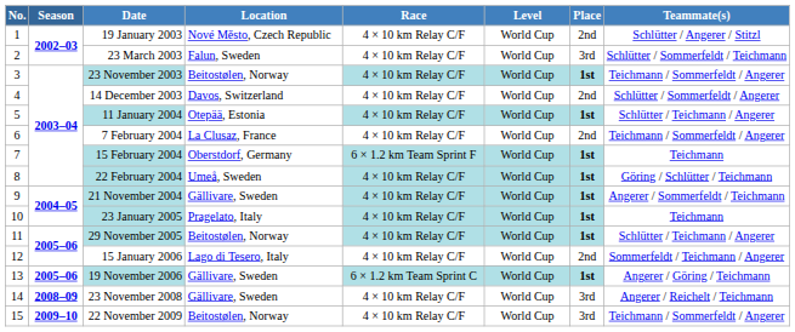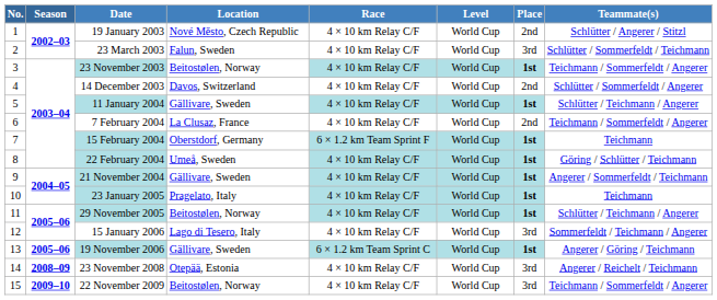 <table class="wikitable sortable" style="font-size:95%; text-align:center; border:grey solid 1px; border-collapse:collapse; background:#ffffff;">
 <tr style="background:#efefef;">
 <th style="background-color:#369; color:white;">No.</th>
 <th style="background-color:#369; color:white;">Season</th>
 <th style="background-color:#4180be; color:white; width:120px;">Date</th>
 <th style="background-color:#4180be; color:white; width:190px;">Location</th>
 <th style="background-color:#4180be; color:white; width:170px;">Race</th>
 <th style="background-color:#4180be; color:white; width:100px;">Level</th>
 <th style="background-color:#4180be; color:white;">Place</th>
 <th style="background-color:#4180be; color:white;">Teammate(s)</th>
 </tr>
 <tr>
 <td align=center>1</td>
 <td rowspan=2 align=center><strong> <a href='#'>2002–03</a> </strong></td>
 <td align=right>19 January 2003</td>
 <td align=left> <a href='#'>Nové Město</a>, Czech Republic</td>
 <td>4 × 10 km Relay C/F</td>
 <td>World Cup</td>
 <td>2nd</td>
 <td><a href='#'>Schlütter</a> / <a href='#'>Angerer</a> / <a href='#'>Stitzl</a></td>
 </tr>
 <tr>
 <td align=center>2</td>
 <td align=right>23 March 2003</td>
 <td align=left> <a href='#'>Falun</a>, Sweden</td>
 <td>4 × 10 km Relay C/F</td>
 <td>World Cup</td>
 <td>3rd</td>
 <td><a href='#'>Schlütter</a> / <a href='#'>Sommerfeldt</a> / <a href='#'>Teichmann</a></td>
 </tr>
 <tr>
 <td align=center>3</td>
 <td rowspan=6 align=center><strong><a href='#'>2003–04</a></strong></td>
 <td bgcolor="#BOEOE6" align=right>23 November 2003</td>
 <td align=left> <a href='#'>Beitostølen</a>, Norway</td>
 <td bgcolor="#BOEOE6">4 × 10 km Relay C/F</td>
 <td bgcolor="#BOEOE6">World Cup</td>
 <td bgcolor="#BOEOE6"><strong>1st</strong></td>
 <td><a href='#'>Teichmann</a> / <a href='#'>Sommerfeldt</a> / <a href='#'>Angerer</a></td>
 </tr>
 <tr>
 <td align=center>4</td>
 <td align=right>14 December 2003</td>
 <td align=left> <a href='#'>Davos</a>, Switzerland</td>
 <td>4 × 10 km Relay C/F</td>
 <td>World Cup</td>
 <td>2nd</td>
 <td><a href='#'>Schlütter</a> / <a href='#'>Sommerfeldt</a> / <a href='#'>Angerer</a></td>
 </tr>
 <tr>
 <td align=center>5</td>
 <td bgcolor="#BOEOE6" align=right>11 January 2004</td>
-<td align=left> <a href='#'>Otepää</a>, Estonia</td>
+<td align=left> <a href='#'>Gällivare</a>, Sweden</td>
 <td bgcolor="#BOEOE6">4 × 10 km Relay C/F</td>
 <td bgcolor="#BOEOE6">World Cup</td>
 <td bgcolor="#BOEOE6"><strong>1st</strong></td>
 <td><a href='#'>Schlütter</a> / <a href='#'>Teichmann</a> / <a href='#'>Angerer</a></td>
 </tr>
 <tr>
 <td align=center>6</td>
 <td align=right>7 February 2004</td>
 <td align=left> <a href='#'>La Clusaz</a>, France</td>
 <td>4 × 10 km Relay C/F</td>
 <td>World Cup</td>
 <td>2nd</td>
 <td><a href='#'>Teichmann</a> / <a href='#'>Sommerfeldt</a> / <a href='#'>Angerer</a></td>
 </tr>
 <tr>
 <td align=center>7</td>
 <td bgcolor="#BOEOE6" align=right>15 February 2004</td>
 <td align=left> <a href='#'>Oberstdorf</a>, Germany</td>
 <td bgcolor="#BOEOE6">6 × 1.2 km Team Sprint F</td>
 <td bgcolor="#BOEOE6">World Cup</td>
 <td bgcolor="#BOEOE6"><strong>1st</strong></td>
 <td><a href='#'>Teichmann</a></td>
 </tr>
 <tr>
 <td align=center>8</td>
 <td bgcolor="#BOEOE6" align=right>22 February 2004</td>
 <td align=left> <a href='#'>Umeå</a>, Sweden</td>
 <td bgcolor="#BOEOE6">4 × 10 km Relay C/F</td>
 <td bgcolor="#BOEOE6">World Cup</td>
 <td bgcolor="#BOEOE6"><strong>1st</strong></td>
 <td><a href='#'>Göring</a> / <a href='#'>Schlütter</a> / <a href='#'>Teichmann</a></td>
 </tr>
 <tr>
 <td align=center>9</td>
 <td rowspan=2 align=center><strong><a href='#'>2004–05</a></strong></td>
 <td bgcolor="#BOEOE6" align=right>21 November 2004</td>
 <td align=left> <a href='#'>Gällivare</a>, Sweden</td>
 <td bgcolor="#BOEOE6">4 × 10 km Relay C/F</td>
 <td bgcolor="#BOEOE6">World Cup</td>
 <td bgcolor="#BOEOE6"><strong>1st</strong></td>
 <td><a href='#'>Angerer</a> / <a href='#'>Sommerfeldt</a> / <a href='#'>Teichmann</a></td>
 </tr>
 <tr>
 <td align=center>10</td>
 <td bgcolor="#BOEOE6" align=right>23 January 2005</td>
 <td align=left> <a href='#'>Pragelato</a>, Italy</td>
 <td bgcolor="#BOEOE6">4 × 10 km Relay C/F</td>
 <td bgcolor="#BOEOE6">World Cup</td>
 <td bgcolor="#BOEOE6"><strong>1st</strong></td>
 <td><a href='#'>Teichmann</a></td>
 </tr>
 <tr>
 <td align=center>11</td>
 <td rowspan=2 align=center><strong><a href='#'>2005–06</a></strong></td>
 <td bgcolor="#BOEOE6" align=right>29 November 2005</td>
 <td align=left> <a href='#'>Beitostølen</a>, Norway</td>
 <td bgcolor="#BOEOE6">4 × 10 km Relay C/F</td>
 <td bgcolor="#BOEOE6">World Cup</td>
 <td bgcolor="#BOEOE6"><strong>1st</strong></td>
 <td><a href='#'>Schlütter</a> / <a href='#'>Teichmann</a> / <a href='#'>Angerer</a></td>
 </tr>
 <tr>
 <td align=center>12</td>
 <td align=right>15 January 2006</td>
 <td align=left> <a href='#'>Lago di Tesero</a>, Italy</td>
 <td>4 × 10 km Relay C/F</td>
 <td>World Cup</td>
-<td>2nd</td>
+<td>3rd</td>
 <td><a href='#'>Sommerfeldt</a> / <a href='#'>Teichmann</a> / <a href='#'>Angerer</a></td>
 </tr>
 <tr>
 <td align=center>13</td>
 <td rowspan=1 align=center><strong><a href='#'>2005–06</a></strong></td>
 <td bgcolor="#BOEOE6" align=right>19 November 2006</td>
 <td align=left> <a href='#'>Gällivare</a>, Sweden</td>
 <td bgcolor="#BOEOE6">6 × 1.2 km Team Sprint C</td>
 <td bgcolor="#BOEOE6">World Cup</td>
 <td bgcolor="#BOEOE6"><strong>1st</strong></td>
 <td><a href='#'>Angerer</a> / <a href='#'>Göring</a> / <a href='#'>Teichmann</a></td>
 </tr>
 <tr>
 <td align=center>14</td>
 <td rowspan=1 align=center><strong> <a href='#'>2008–09</a> </strong></td>
 <td align=right>23 November 2008</td>
-<td align=left> <a href='#'>Gällivare</a>, Sweden</td>
+<td align=left> <a href='#'>Otepää</a>, Estonia</td>
 <td>4 × 10 km Relay C/F</td>
 <td>World Cup</td>
 <td>3rd</td>
 <td><a href='#'>Angerer</a> / <a href='#'>Reichelt</a> / <a href='#'>Teichmann</a></td>
 </tr>
 <tr>
 <td align=center>15</td>
 <td rowspan=1 align=center><strong> <a href='#'>2009–10</a> </strong></td>
 <td align=right>22 November 2009</td>
 <td align=left> <a href='#'>Beitostølen</a>, Norway</td>
 <td>4 × 10 km Relay C/F</td>
 <td>World Cup</td>
 <td>3rd</td>
 <td><a href='#'>Teichmann</a> / <a href='#'>Sommerfeldt</a> / <a href='#'>Angerer</a></td>
 </tr>
 </table>
